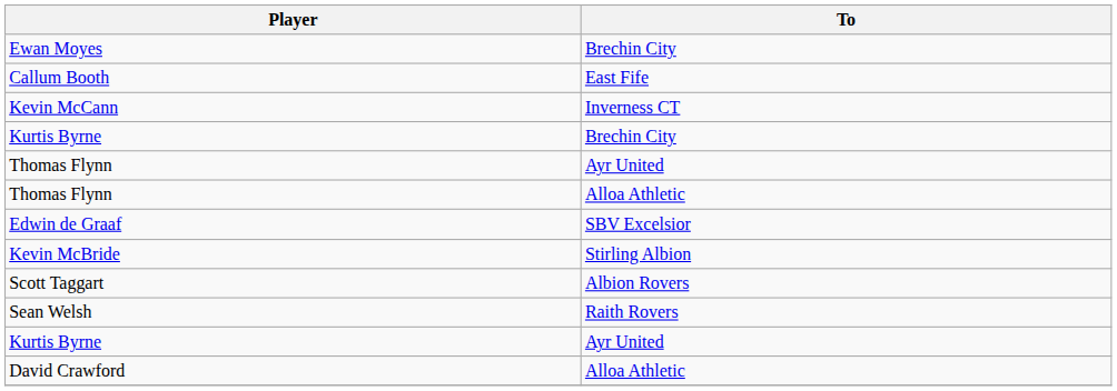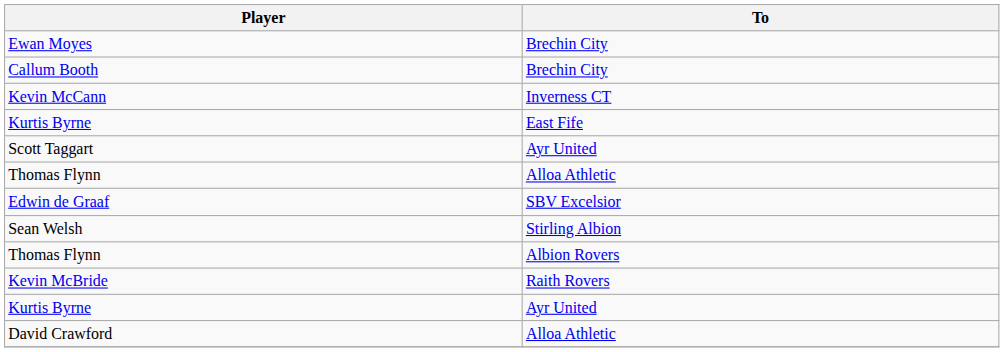 <table class="wikitable" style="text-align:center; font-size:95%;width:75%; text-align:left">
 <tr>
 <th><strong>Player</strong></th>
 <th><strong>To</strong></th>
 </tr>
 <tr>
 <td> <a href='#'>Ewan Moyes</a></td>
 <td><a href='#'>Brechin City</a></td>
 </tr>
 <tr>
 <td> <a href='#'>Callum Booth</a></td>
-<td><a href='#'>East Fife</a></td>
+<td><a href='#'>Brechin City</a></td>
 </tr>
 <tr>
 <td> <a href='#'>Kevin McCann</a></td>
 <td><a href='#'>Inverness CT</a></td>
 </tr>
 <tr>
 <td> <a href='#'>Kurtis Byrne</a></td>
-<td><a href='#'>Brechin City</a></td>
+<td><a href='#'>East Fife</a></td>
 </tr>
 <tr>
-<td> Thomas Flynn</td>
+<td> Scott Taggart</td>
 <td><a href='#'>Ayr United</a></td>
 </tr>
 <tr>
 <td> Thomas Flynn</td>
 <td><a href='#'>Alloa Athletic</a></td>
 </tr>
 <tr>
 <td> <a href='#'>Edwin de Graaf</a></td>
 <td><a href='#'>SBV Excelsior</a></td>
 </tr>
 <tr>
-<td> <a href='#'>Kevin McBride</a></td>
+<td> Sean Welsh</td>
 <td><a href='#'>Stirling Albion</a></td>
 </tr>
 <tr>
-<td> Scott Taggart</td>
+<td> Thomas Flynn</td>
 <td><a href='#'>Albion Rovers</a></td>
 </tr>
 <tr>
-<td> Sean Welsh</td>
+<td> <a href='#'>Kevin McBride</a></td>
 <td><a href='#'>Raith Rovers</a></td>
 </tr>
 <tr>
 <td> <a href='#'>Kurtis Byrne</a></td>
 <td><a href='#'>Ayr United</a></td>
 </tr>
 <tr>
 <td> David Crawford</td>
 <td><a href='#'>Alloa Athletic</a></td>
 </tr>
 <tr>
 </tr>
 </table>
